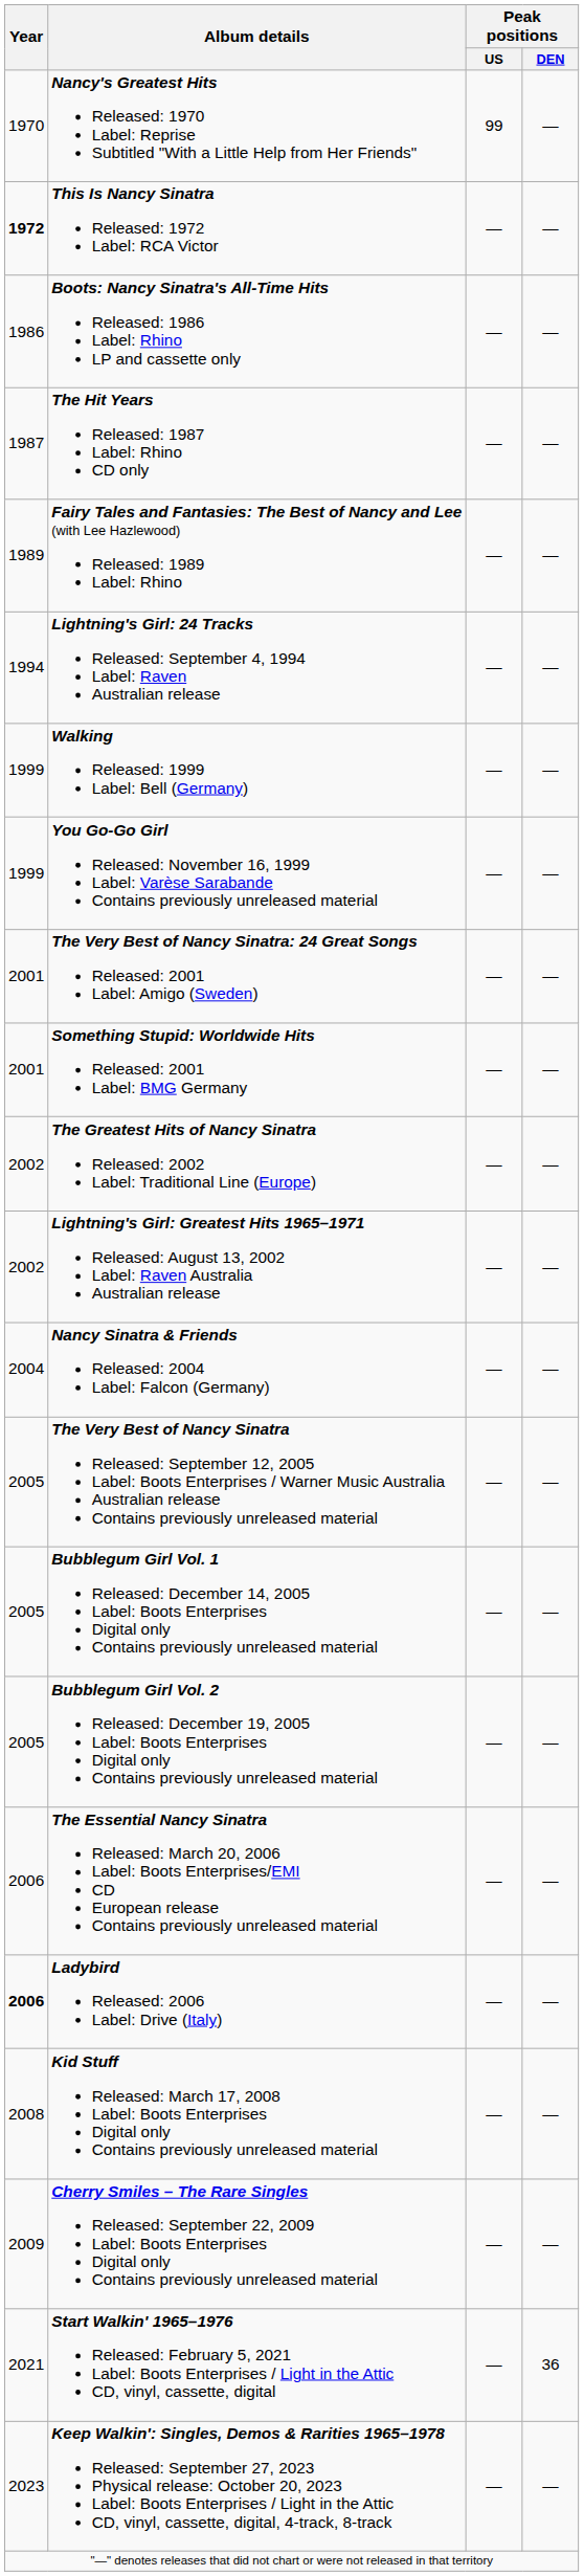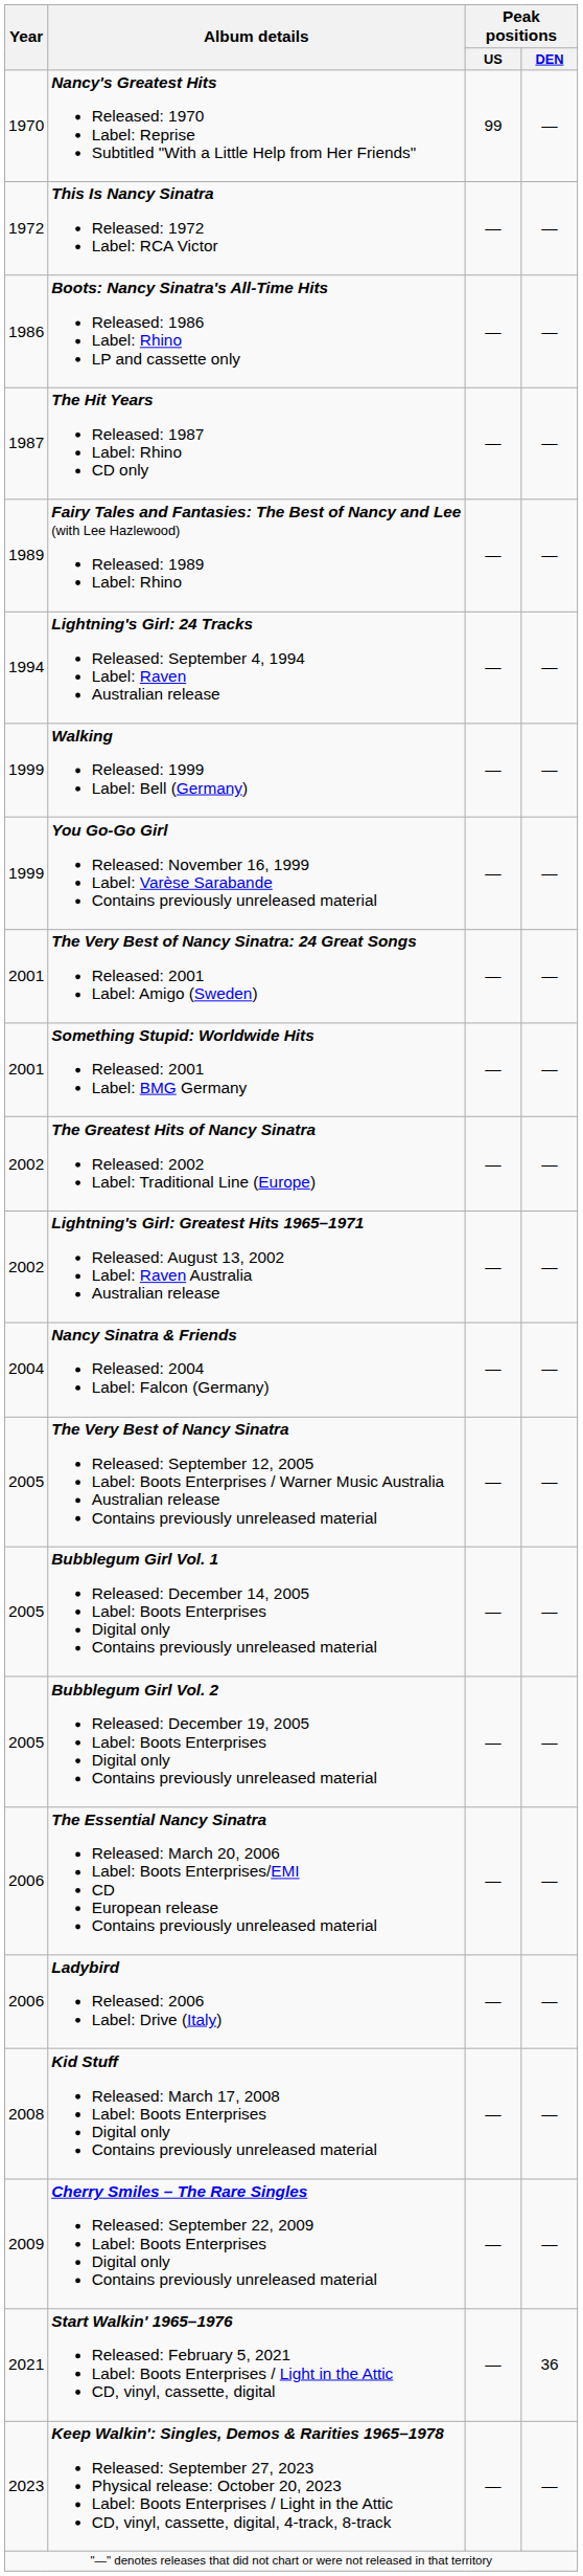 <table class=wikitable style=text-align:center;>
 <tr>
 <th rowspan=2>Year</th>
 <th rowspan=2>Album details</th>
 <th colspan=2>Peak positions</th>
 </tr>
 <tr style="font-size:smaller;">
 <th width=50>US<br></th>
 <th width=50><a href='#'>DEN</a><br></th>
 </tr>
 <tr>
 <td>1970</td>
 <td align=left><strong><em>Nancy's Greatest Hits</em></strong><br><ul><li>Released: 1970</li><li>Label: Reprise</li><li>Subtitled "With a Little Help from Her Friends"</li></ul></td>
 <td>99</td>
 <td>—</td>
 </tr>
 <tr>
-<td><strong>1972</strong></td>
+<td>1972</td>
 <td align=left><strong><em>This Is Nancy Sinatra</em></strong><br><ul><li>Released: 1972</li><li>Label: RCA Victor</li></ul></td>
 <td>—</td>
 <td>—</td>
 </tr>
 <tr>
 <td>1986</td>
 <td align=left><strong><em>Boots: Nancy Sinatra's All-Time Hits</em></strong><br><ul><li>Released: 1986</li><li>Label: <a href='#'>Rhino</a></li><li>LP and cassette only</li></ul></td>
 <td>—</td>
 <td>—</td>
 </tr>
 <tr>
 <td>1987</td>
 <td align=left><strong><em>The Hit Years</em></strong><br><ul><li>Released: 1987</li><li>Label: Rhino</li><li>CD only</li></ul></td>
 <td>—</td>
 <td>—</td>
 </tr>
 <tr>
 <td>1989</td>
 <td align=left><strong><em>Fairy Tales and Fantasies: The Best of Nancy and Lee</em></strong><br><small>(with Lee Hazlewood)</small><br><ul><li>Released: 1989</li><li>Label: Rhino</li></ul></td>
 <td>—</td>
 <td>—</td>
 </tr>
 <tr>
 <td>1994</td>
 <td align=left><strong><em>Lightning's Girl: 24 Tracks</em></strong><br><ul><li>Released: September 4, 1994</li><li>Label: <a href='#'>Raven</a></li><li>Australian release</li></ul></td>
 <td>—</td>
 <td>—</td>
 </tr>
 <tr>
 <td>1999</td>
 <td align=left><strong><em>Walking</em></strong><br><ul><li>Released: 1999</li><li>Label: Bell (<a href='#'>Germany</a>)</li></ul></td>
 <td>—</td>
 <td>—</td>
 </tr>
 <tr>
 <td>1999</td>
 <td align=left><strong><em>You Go-Go Girl</em></strong><br><ul><li>Released: November 16, 1999</li><li>Label: <a href='#'>Varèse Sarabande</a></li><li>Contains previously unreleased material</li></ul></td>
 <td>—</td>
 <td>—</td>
 </tr>
 <tr>
 <td>2001</td>
 <td align=left><strong><em>The Very Best of Nancy Sinatra: 24 Great Songs</em></strong><br><ul><li>Released: 2001</li><li>Label: Amigo (<a href='#'>Sweden</a>)</li></ul></td>
 <td>—</td>
 <td>—</td>
 </tr>
 <tr>
 <td>2001</td>
 <td align=left><strong><em>Something Stupid: Worldwide Hits</em></strong><br><ul><li>Released: 2001</li><li>Label: <a href='#'>BMG</a> Germany</li></ul></td>
 <td>—</td>
 <td>—</td>
 </tr>
 <tr>
 <td>2002</td>
 <td align=left><strong><em>The Greatest Hits of Nancy Sinatra</em></strong><br><ul><li>Released: 2002</li><li>Label: Traditional Line (<a href='#'>Europe</a>)</li></ul></td>
 <td>—</td>
 <td>—</td>
 </tr>
 <tr>
 <td>2002</td>
 <td align=left><strong><em>Lightning's Girl: Greatest Hits 1965–1971</em></strong><br><ul><li>Released: August 13, 2002</li><li>Label: <a href='#'>Raven</a> Australia</li><li>Australian release</li></ul></td>
 <td>—</td>
 <td>—</td>
 </tr>
 <tr>
 <td>2004</td>
 <td align=left><strong><em>Nancy Sinatra & Friends</em></strong><br><ul><li>Released: 2004</li><li>Label: Falcon (Germany)</li></ul></td>
 <td>—</td>
 <td>—</td>
 </tr>
 <tr>
 <td>2005</td>
 <td align=left><strong><em>The Very Best of Nancy Sinatra</em></strong><br><ul><li>Released: September 12, 2005</li><li>Label: Boots Enterprises / Warner Music Australia</li><li>Australian release</li><li>Contains previously unreleased material</li></ul></td>
 <td>—</td>
 <td>—</td>
 </tr>
 <tr>
 <td>2005</td>
 <td align=left><strong><em>Bubblegum Girl Vol. 1</em></strong><br><ul><li>Released: December 14, 2005</li><li>Label: Boots Enterprises</li><li>Digital only</li><li>Contains previously unreleased material</li></ul></td>
 <td>—</td>
 <td>—</td>
 </tr>
 <tr>
 <td>2005</td>
 <td align=left><strong><em>Bubblegum Girl Vol. 2</em></strong><br><ul><li>Released: December 19, 2005</li><li>Label: Boots Enterprises</li><li>Digital only</li><li>Contains previously unreleased material</li></ul></td>
 <td>—</td>
 <td>—</td>
 </tr>
 <tr>
 <td>2006</td>
 <td align=left><strong><em>The Essential Nancy Sinatra</em></strong><br><ul><li>Released: March 20, 2006</li><li>Label: Boots Enterprises/<a href='#'>EMI</a></li><li>CD</li><li>European release</li><li>Contains previously unreleased material</li></ul></td>
 <td>—</td>
 <td>—</td>
 </tr>
 <tr>
-<td><strong>2006</strong></td>
+<td>2006</td>
 <td align=left><strong><em>Ladybird</em></strong><br><ul><li>Released: 2006</li><li>Label: Drive (<a href='#'>Italy</a>)</li></ul></td>
 <td>—</td>
 <td>—</td>
 </tr>
 <tr>
 <td>2008</td>
 <td align=left><strong><em>Kid Stuff</em></strong><br><ul><li>Released: March 17, 2008</li><li>Label: Boots Enterprises</li><li>Digital only</li><li>Contains previously unreleased material</li></ul></td>
 <td>—</td>
 <td>—</td>
 </tr>
 <tr>
 <td>2009</td>
 <td align=left><strong><em><a href='#'>Cherry Smiles – The Rare Singles</a></em></strong><br><ul><li>Released: September 22, 2009</li><li>Label: Boots Enterprises</li><li>Digital only</li><li>Contains previously unreleased material</li></ul></td>
 <td>—</td>
 <td>—</td>
 </tr>
 <tr>
 <td>2021</td>
 <td align=left><strong><em>Start Walkin' 1965–1976</em></strong><br><ul><li>Released: February 5, 2021</li><li>Label: Boots Enterprises / <a href='#'>Light in the Attic</a></li><li>CD, vinyl, cassette, digital</li></ul></td>
 <td>—</td>
 <td>36</td>
 </tr>
 <tr>
 <td>2023</td>
 <td align=left><strong><em>Keep Walkin': Singles, Demos & Rarities 1965–1978</em></strong><br><ul><li>Released: September 27, 2023</li><li>Physical release: October 20, 2023</li><li>Label: Boots Enterprises / Light in the Attic</li><li>CD, vinyl, cassette, digital, 4-track, 8-track</li></ul></td>
 <td>—</td>
 <td>—</td>
 </tr>
 <tr>
 <td align="center" colspan="4" style="font-size: 9pt">"—" denotes releases that did not chart or were not released in that territory</td>
 </tr>
 </table>
